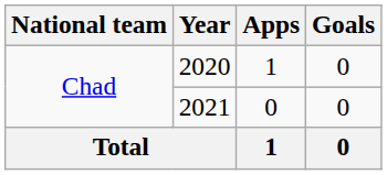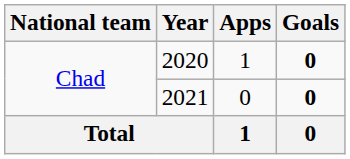 <table class="wikitable" style="text-align:center">
 <tr>
 <th>National team</th>
 <th>Year</th>
 <th>Apps</th>
 <th>Goals</th>
 </tr>
 <tr>
 <td rowspan=2><a href='#'>Chad</a></td>
 <td>2020</td>
 <td>1</td>
-<td>0</td>
+<td><strong>0</strong></td>
 </tr>
 <tr>
 <td>2021</td>
 <td>0</td>
-<td>0</td>
+<td><strong>0</strong></td>
 </tr>
 <tr>
 <th colspan=2>Total</th>
 <th>1</th>
 <th>0</th>
 </tr>
 </table>
